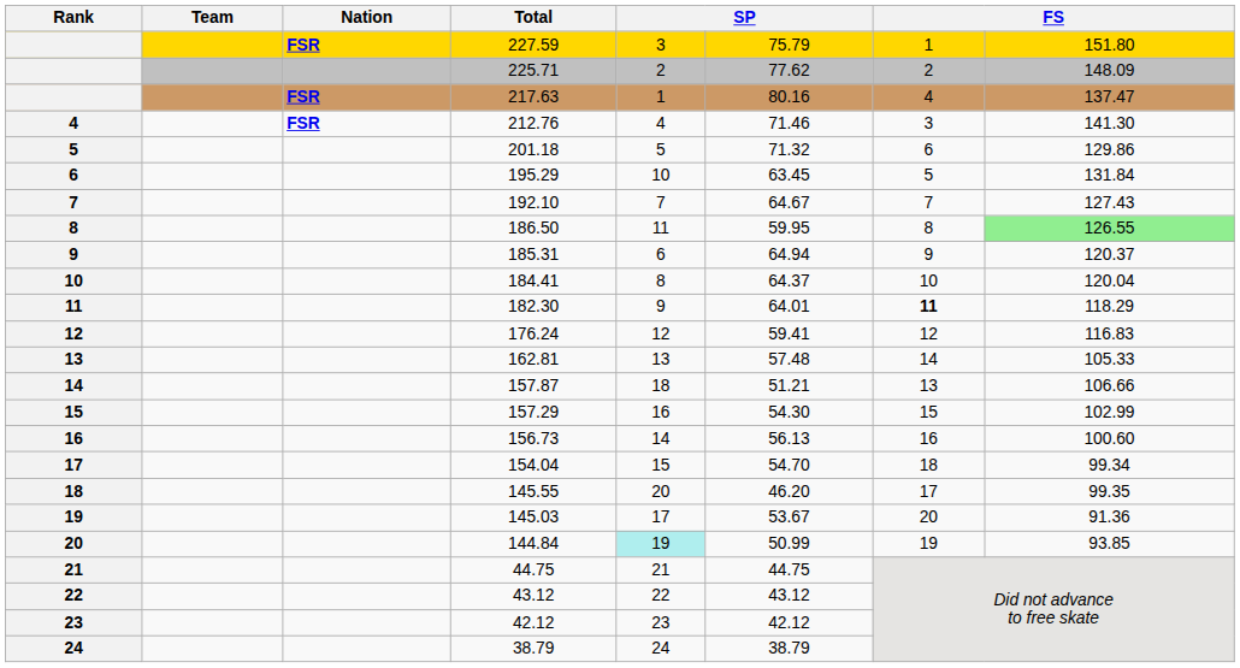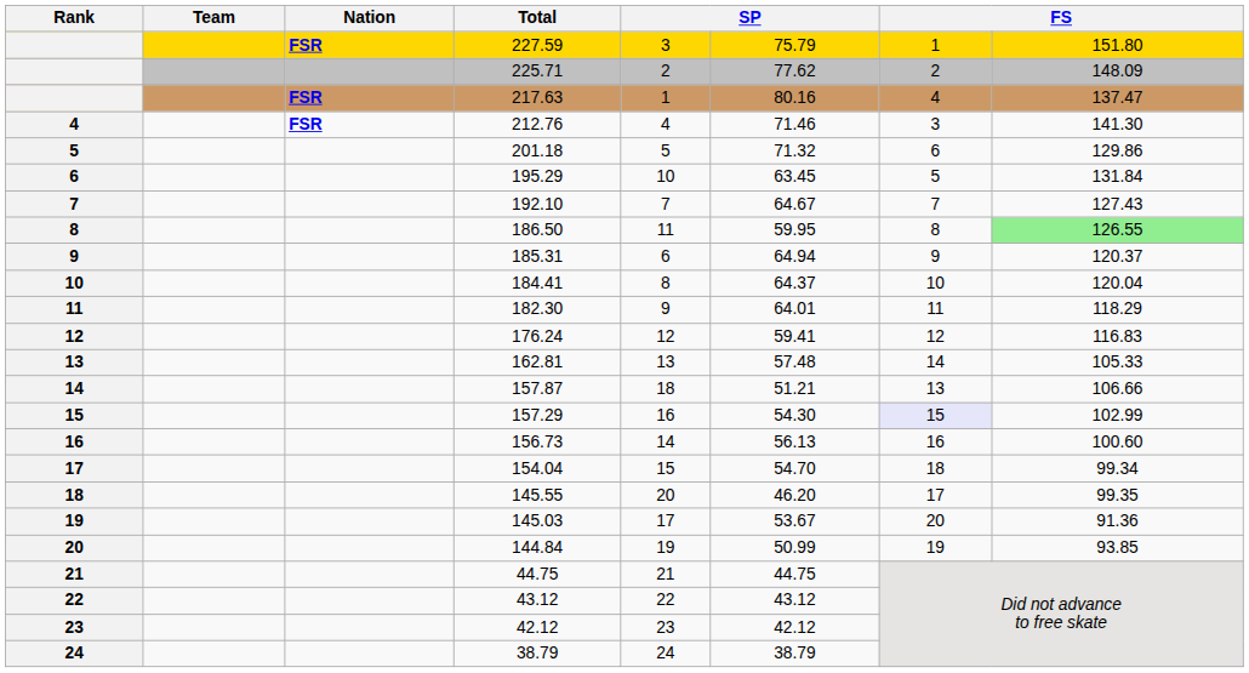 <table class="wikitable sortable" style="text-align:center; width:75%">
 <tr>
 <th scope="col">Rank</th>
 <th scope="col">Team</th>
 <th scope="col">Nation</th>
 <th scope="col">Total</th>
 <th colspan="2" width="80px"><a href='#'>SP</a></th>
 <th colspan="2" width="80px"><a href='#'>FS</a></th>
 </tr>
 <tr bgcolor="gold">
 <th scope="row"></th>
 <td align="left"></td>
 <td align="left"><strong><a href='#'>FSR</a></strong></td>
 <td align="center">227.59</td>
 <td align="center">3</td>
 <td align="center">75.79</td>
 <td align="center">1</td>
 <td align="center">151.80</td>
 </tr>
 <tr bgcolor="silver">
 <th scope="row"></th>
 <td align="left"></td>
 <td align="left"></td>
 <td align="center">225.71</td>
 <td align="center">2</td>
 <td align="center">77.62</td>
 <td align="center">2</td>
 <td align="center">148.09</td>
 </tr>
 <tr bgcolor="#cc9966">
 <th scope="row"></th>
 <td align="left"></td>
 <td align="left"><strong><a href='#'>FSR</a></strong></td>
 <td align="center">217.63</td>
 <td align="center">1</td>
 <td align="center">80.16</td>
 <td align="center">4</td>
 <td align="center">137.47</td>
 </tr>
 <tr>
 <th scope="row">4</th>
 <td align="left"></td>
 <td align="left"><strong><a href='#'>FSR</a></strong></td>
 <td align="center">212.76</td>
 <td align="center">4</td>
 <td align="center">71.46</td>
 <td align="center">3</td>
 <td align="center">141.30</td>
 </tr>
 <tr>
 <th scope="row">5</th>
 <td align="left"></td>
 <td align="left"></td>
 <td align="center">201.18</td>
 <td align="center">5</td>
 <td align="center">71.32</td>
 <td align="center">6</td>
 <td align="center">129.86</td>
 </tr>
 <tr>
 <th scope="row">6</th>
 <td align="left"></td>
 <td align="left"></td>
 <td align="center">195.29</td>
 <td align="center">10</td>
 <td align="center">63.45</td>
 <td align="center">5</td>
 <td align="center">131.84</td>
 </tr>
 <tr>
 <th scope="row">7</th>
 <td align="left"></td>
 <td align="left"></td>
 <td align="center">192.10</td>
 <td align="center">7</td>
 <td align="center">64.67</td>
 <td align="center">7</td>
 <td align="center">127.43</td>
 </tr>
 <tr>
 <th scope="row">8</th>
 <td align="left"></td>
 <td align="left"></td>
 <td align="center">186.50</td>
 <td align="center">11</td>
 <td align="center">59.95</td>
 <td align="center">8</td>
 <td align="center" style="background: lightgreen;">126.55</td>
 </tr>
 <tr>
 <th scope="row">9</th>
 <td align="left"></td>
 <td align="left"></td>
 <td align="center">185.31</td>
 <td align="center">6</td>
 <td align="center">64.94</td>
 <td align="center">9</td>
 <td align="center">120.37</td>
 </tr>
 <tr>
 <th scope="row">10</th>
 <td align="left"></td>
 <td align="left"></td>
 <td align="center">184.41</td>
 <td align="center">8</td>
 <td align="center">64.37</td>
 <td align="center">10</td>
 <td align="center">120.04</td>
 </tr>
 <tr>
 <th scope="row">11</th>
 <td align="left"></td>
 <td align="left"></td>
 <td align="center">182.30</td>
 <td align="center">9</td>
 <td align="center">64.01</td>
-<td align="center"><strong>11</strong></td>
+<td align="center">11</td>
 <td align="center">118.29</td>
 </tr>
 <tr>
 <th scope="row">12</th>
 <td align="left"></td>
 <td align="left"></td>
 <td align="center">176.24</td>
 <td align="center">12</td>
 <td align="center">59.41</td>
 <td align="center">12</td>
 <td align="center">116.83</td>
 </tr>
 <tr>
 <th scope="row">13</th>
 <td align="left"></td>
 <td align="left"></td>
 <td align="center">162.81</td>
 <td align="center">13</td>
 <td align="center">57.48</td>
 <td align="center">14</td>
 <td align="center">105.33</td>
 </tr>
 <tr>
 <th scope="row">14</th>
 <td align="left"></td>
 <td align="left"></td>
 <td align="center">157.87</td>
 <td align="center">18</td>
 <td align="center">51.21</td>
 <td align="center">13</td>
 <td align="center">106.66</td>
 </tr>
 <tr>
 <th scope="row">15</th>
 <td align="left"></td>
 <td align="left"></td>
 <td align="center">157.29</td>
 <td align="center">16</td>
 <td align="center">54.30</td>
-<td align="center">15</td>
+<td align="center" style="background: lavender;">15</td>
 <td align="center">102.99</td>
 </tr>
 <tr>
 <th scope="row">16</th>
 <td align="left"></td>
 <td align="left"></td>
 <td align="center">156.73</td>
 <td align="center">14</td>
 <td align="center">56.13</td>
 <td align="center">16</td>
 <td align="center">100.60</td>
 </tr>
 <tr>
 <th scope="row">17</th>
 <td align="left"></td>
 <td align="left"></td>
 <td align="center">154.04</td>
 <td align="center">15</td>
 <td align="center">54.70</td>
 <td align="center">18</td>
 <td align="center">99.34</td>
 </tr>
 <tr>
 <th scope="row">18</th>
 <td align="left"></td>
 <td align="left"></td>
 <td align="center">145.55</td>
 <td align="center">20</td>
 <td align="center">46.20</td>
 <td align="center">17</td>
 <td align="center">99.35</td>
 </tr>
 <tr>
 <th scope="row">19</th>
 <td align="left"></td>
 <td align="left"></td>
 <td align="center">145.03</td>
 <td align="center">17</td>
 <td align="center">53.67</td>
 <td align="center">20</td>
 <td align="center">91.36</td>
 </tr>
 <tr>
 <th scope="row">20</th>
 <td align="left"></td>
 <td align="left"></td>
 <td align="center">144.84</td>
-<td align="center" style="background: paleturquoise;">19</td>
+<td align="center">19</td>
 <td align="center">50.99</td>
 <td align="center">19</td>
 <td align="center">93.85</td>
 </tr>
 <tr>
 <th scope="row">21</th>
 <td align="left"></td>
 <td align="left"></td>
 <td align="center">44.75</td>
 <td align="center">21</td>
 <td align="center">44.75</td>
 <td colspan="2" rowspan="4" align="center" bgcolor="e5e4e2"><em>Did not advance<br>to free skate</em></td>
 </tr>
 <tr>
 <th scope="row">22</th>
 <td align="left"></td>
 <td align="left"></td>
 <td align="center">43.12</td>
 <td align="center">22</td>
 <td align="center">43.12</td>
 </tr>
 <tr>
 <th scope="row">23</th>
 <td align="left"></td>
 <td align="left"></td>
 <td align="center">42.12</td>
 <td align="center">23</td>
 <td align="center">42.12</td>
 </tr>
 <tr>
 <th scope="row">24</th>
 <td align="left"></td>
 <td align="left"></td>
 <td align="center">38.79</td>
 <td align="center">24</td>
 <td align="center">38.79</td>
 </tr>
 </table>
